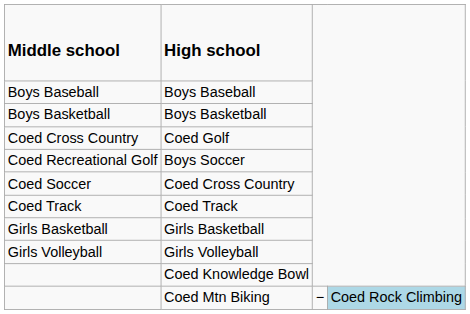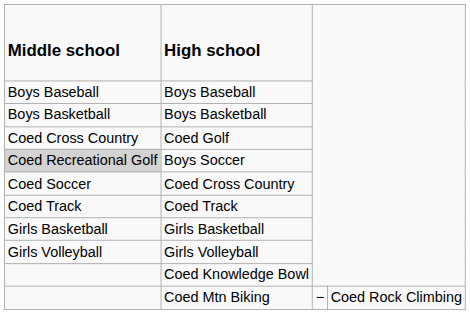 <table class="wikitable">
 <tr>
 <td><br><h3>Middle school</h3></td>
 <td><br><h3>High school</h3></td>
 </tr>
 <tr>
 <td>Boys Baseball</td>
 <td>Boys Baseball</td>
 </tr>
 <tr>
 <td>Boys Basketball</td>
 <td>Boys Basketball</td>
 </tr>
 <tr>
 <td>Coed Cross Country</td>
 <td>Coed Golf</td>
 </tr>
 <tr>
-<td>Coed Recreational Golf</td>
+<td style="background: lightgrey;">Coed Recreational Golf</td>
 <td>Boys Soccer</td>
 </tr>
 <tr>
 <td>Coed Soccer</td>
 <td>Coed Cross Country</td>
 </tr>
 <tr>
 <td>Coed Track</td>
 <td>Coed Track</td>
 </tr>
 <tr>
 <td>Girls Basketball</td>
 <td>Girls Basketball</td>
 </tr>
 <tr>
 <td>Girls Volleyball</td>
 <td>Girls Volleyball</td>
 </tr>
 <tr>
 <td></td>
 <td>Coed Knowledge Bowl</td>
 </tr>
 <tr>
 <td></td>
 <td>Coed Mtn Biking</td>
 <td>−</td>
-<td style="background: lightblue;">Coed Rock Climbing</td>
+<td>Coed Rock Climbing</td>
 </tr>
 </table>
